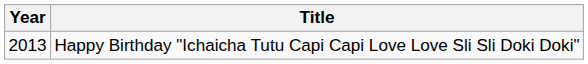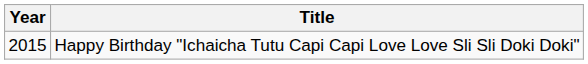 <table class="wikitable">
 <tr>
 <th>Year</th>
 <th>Title</th>
 </tr>
 <tr>
-<td>2013</td>
+<td>2015</td>
 <td>Happy Birthday "Ichaicha Tutu Capi Capi Love Love Sli Sli Doki Doki"</td>
 </tr>
 </table>
